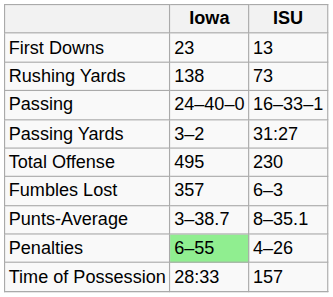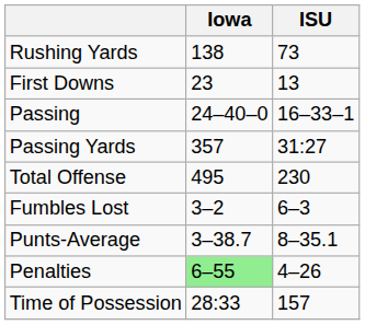 <table class="wikitable">
 <tr>
 <th></th>
 <th>Iowa</th>
 <th>ISU</th>
 </tr>
 <tr>
+<td>Rushing Yards</td>
+<td>138</td>
+<td>73</td>
+</tr>
+<tr>
 <td>First Downs</td>
 <td>23</td>
 <td>13</td>
-</tr>
-<tr>
-<td>Rushing Yards</td>
-<td>138</td>
-<td>73</td>
 </tr>
 <tr>
 <td>Passing</td>
 <td>24–40–0</td>
 <td>16–33–1</td>
 </tr>
 <tr>
 <td>Passing Yards</td>
-<td>3–2</td>
+<td>357</td>
 <td>31:27</td>
 </tr>
 <tr>
 <td>Total Offense</td>
 <td>495</td>
 <td>230</td>
 </tr>
 <tr>
 <td>Fumbles Lost</td>
-<td>357</td>
+<td>3–2</td>
 <td>6–3</td>
 </tr>
 <tr>
 <td>Punts-Average</td>
 <td>3–38.7</td>
 <td>8–35.1</td>
 </tr>
 <tr>
 <td>Penalties</td>
 <td style="background: lightgreen;">6–55</td>
 <td>4–26</td>
 </tr>
 <tr>
 <td>Time of Possession</td>
 <td>28:33</td>
 <td>157</td>
 </tr>
 <tr>
 </tr>
 </table>
